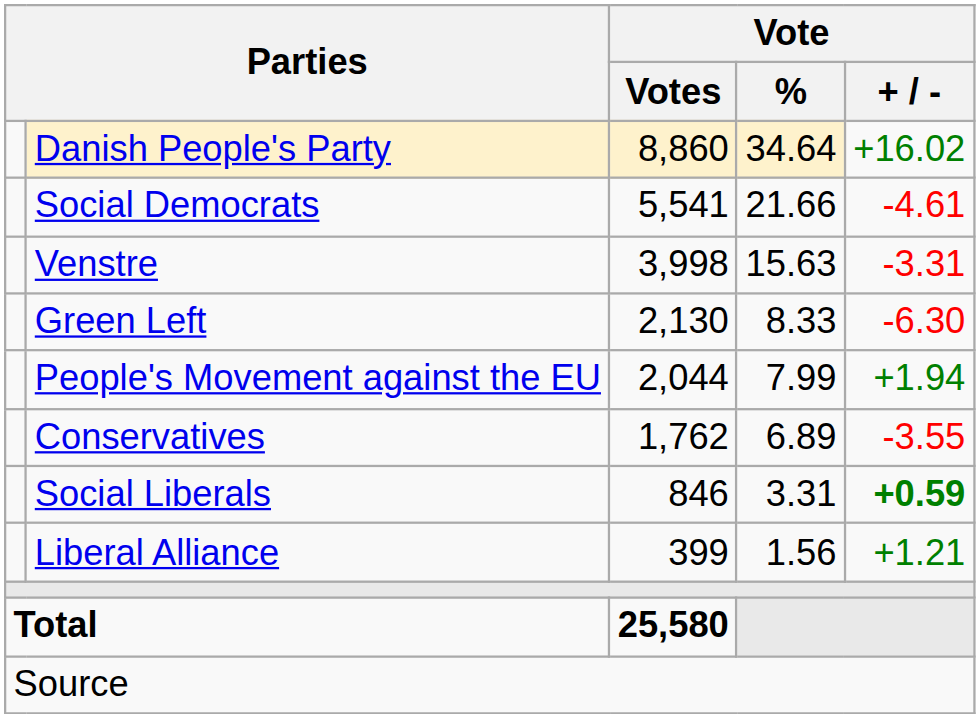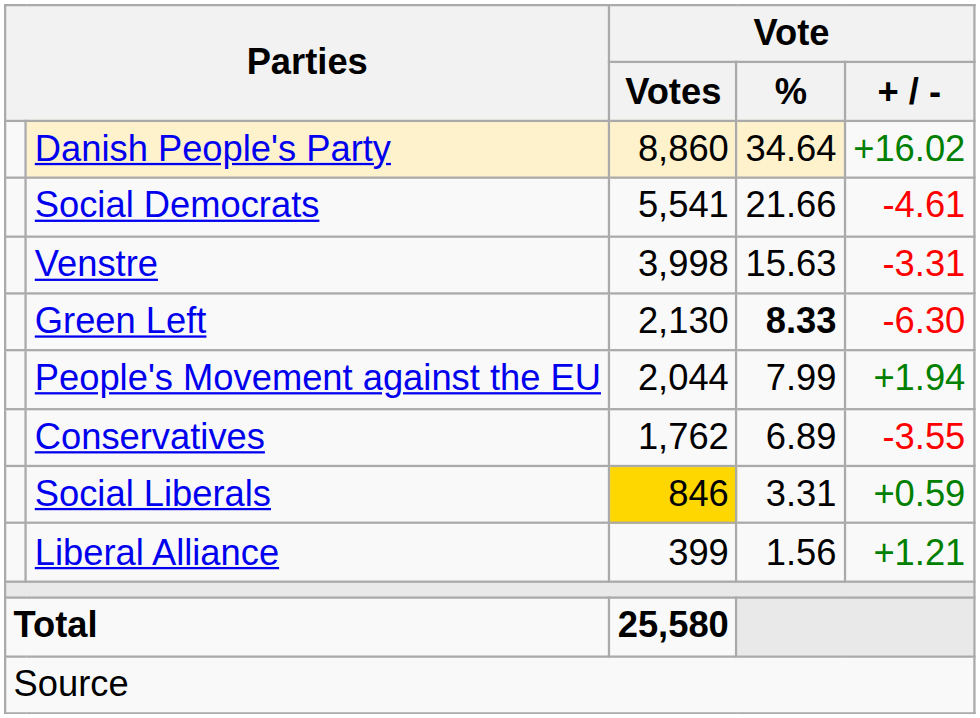 <table class="wikitable" style="text-align:right;">
 <tr>
 <th style="text-align:centre;" rowspan="2" colspan="2" width="225">Parties</th>
 <th colspan="3">Vote</th>
 </tr>
 <tr>
 <th width="15">Votes</th>
 <th width="15">%</th>
 <th width="15">+ / -</th>
 </tr>
 <tr>
 <td width="2" style="color:inherit;background:"></td>
 <td bgcolor=#fef2cc   align="left"><a href='#'>Danish People's Party</a></td>
 <td bgcolor=#fef2cc>8,860</td>
 <td bgcolor=#fef2cc>34.64</td>
 <td style=color:green;>+16.02</td>
 </tr>
 <tr>
 <td width="2" style="color:inherit;background:"></td>
 <td align="left"><a href='#'>Social Democrats</a></td>
 <td>5,541</td>
 <td>21.66</td>
 <td style=color:red;>-4.61</td>
 </tr>
 <tr>
 <td width="2" style="color:inherit;background:"></td>
 <td align="left"><a href='#'>Venstre</a></td>
 <td>3,998</td>
 <td>15.63</td>
 <td style=color:red;>-3.31</td>
 </tr>
 <tr>
 <td width="2" style="color:inherit;background:"></td>
 <td align="left"><a href='#'>Green Left</a></td>
 <td>2,130</td>
-<td>8.33</td>
+<td><strong>8.33</strong></td>
 <td style=color:red;>-6.30</td>
 </tr>
 <tr>
 <td width="2" style="color:inherit;background:"></td>
 <td align="left"><a href='#'>People's Movement against the EU</a></td>
 <td>2,044</td>
 <td>7.99</td>
 <td style=color:green;>+1.94</td>
 </tr>
 <tr>
 <td width="2" style="color:inherit;background:"></td>
 <td align="left"><a href='#'>Conservatives</a></td>
 <td>1,762</td>
 <td>6.89</td>
 <td style=color:red;>-3.55</td>
 </tr>
 <tr>
 <td width="2" style="color:inherit;background:"></td>
 <td align="left"><a href='#'>Social Liberals</a></td>
-<td>846</td>
+<td style="background: gold;">846</td>
 <td>3.31</td>
-<td style=color:green;><strong>+0.59</strong></td>
+<td style=color:green;>+0.59</td>
 </tr>
 <tr>
 <td width="2" style="color:inherit;background:"></td>
 <td align="left"><a href='#'>Liberal Alliance</a></td>
 <td>399</td>
 <td>1.56</td>
 <td style=color:green;>+1.21</td>
 </tr>
 <tr>
 <td colspan="7" bgcolor="#E9E9E9"></td>
 </tr>
 <tr>
 <td align="left" colspan="2"><strong>Total</strong></td>
 <td><strong>25,580</strong></td>
 <td bgcolor="#E9E9E9" colspan="2"></td>
 </tr>
 <tr>
 <td align="left" colspan="6">Source</td>
 </tr>
 </table>
